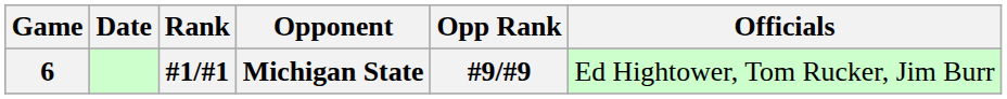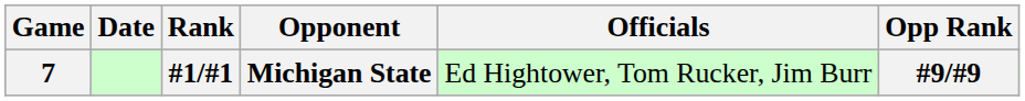 <table class="wikitable">
 <tr>
 <th>Game</th>
 <th>Date</th>
 <th>Rank</th>
 <th>Opponent</th>
+<th>Officials</th>
 <th>Opp Rank</th>
-<th>Officials</th>
 </tr>
 <tr align="center" bgcolor="#ccffcc">
-<th>6</th>
+<th>7</th>
 <td></td>
 <th>#1/#1</th>
 <th>Michigan State</th>
+<td>Ed Hightower, Tom Rucker, Jim Burr</td>
 <th>#9/#9</th>
-<td>Ed Hightower, Tom Rucker, Jim Burr</td>
 </tr>
 </table>
